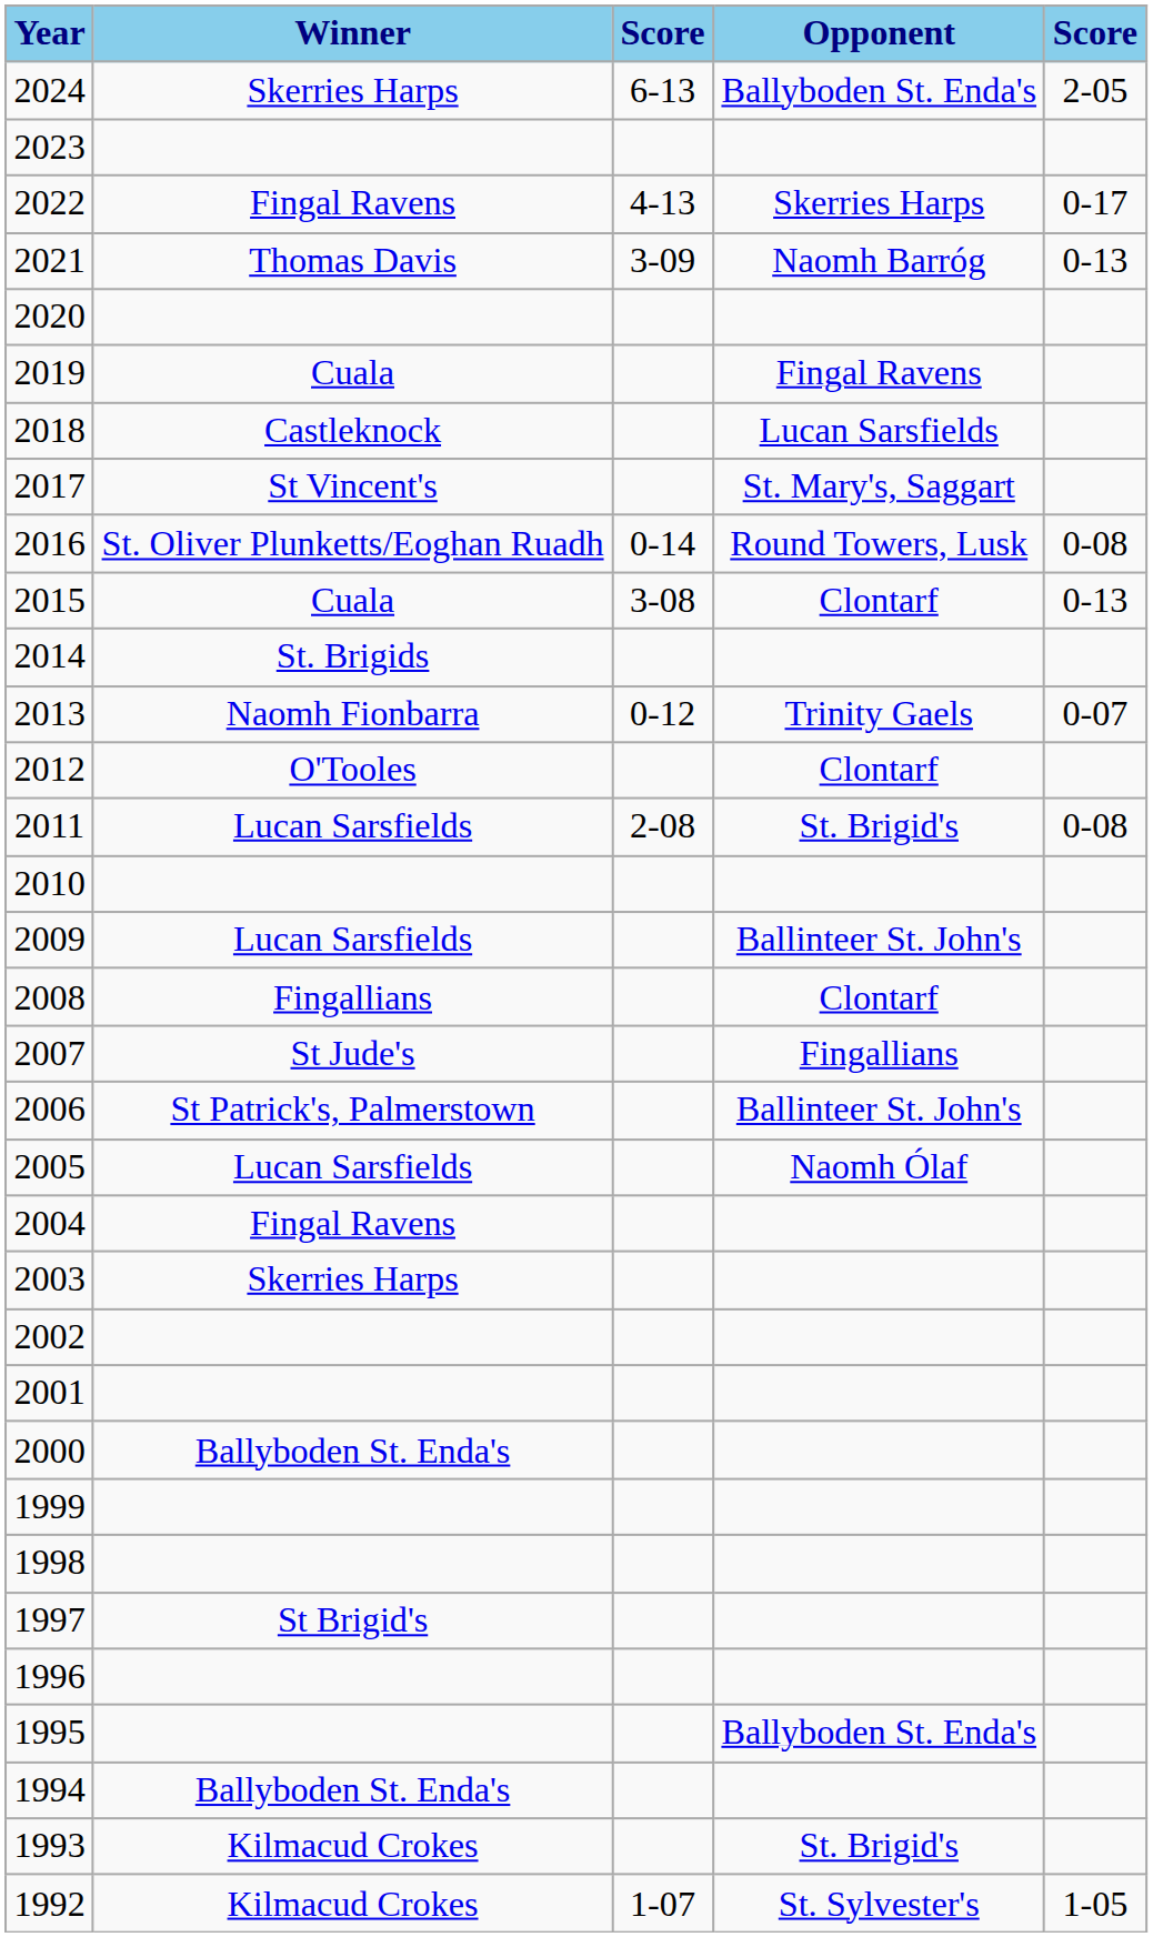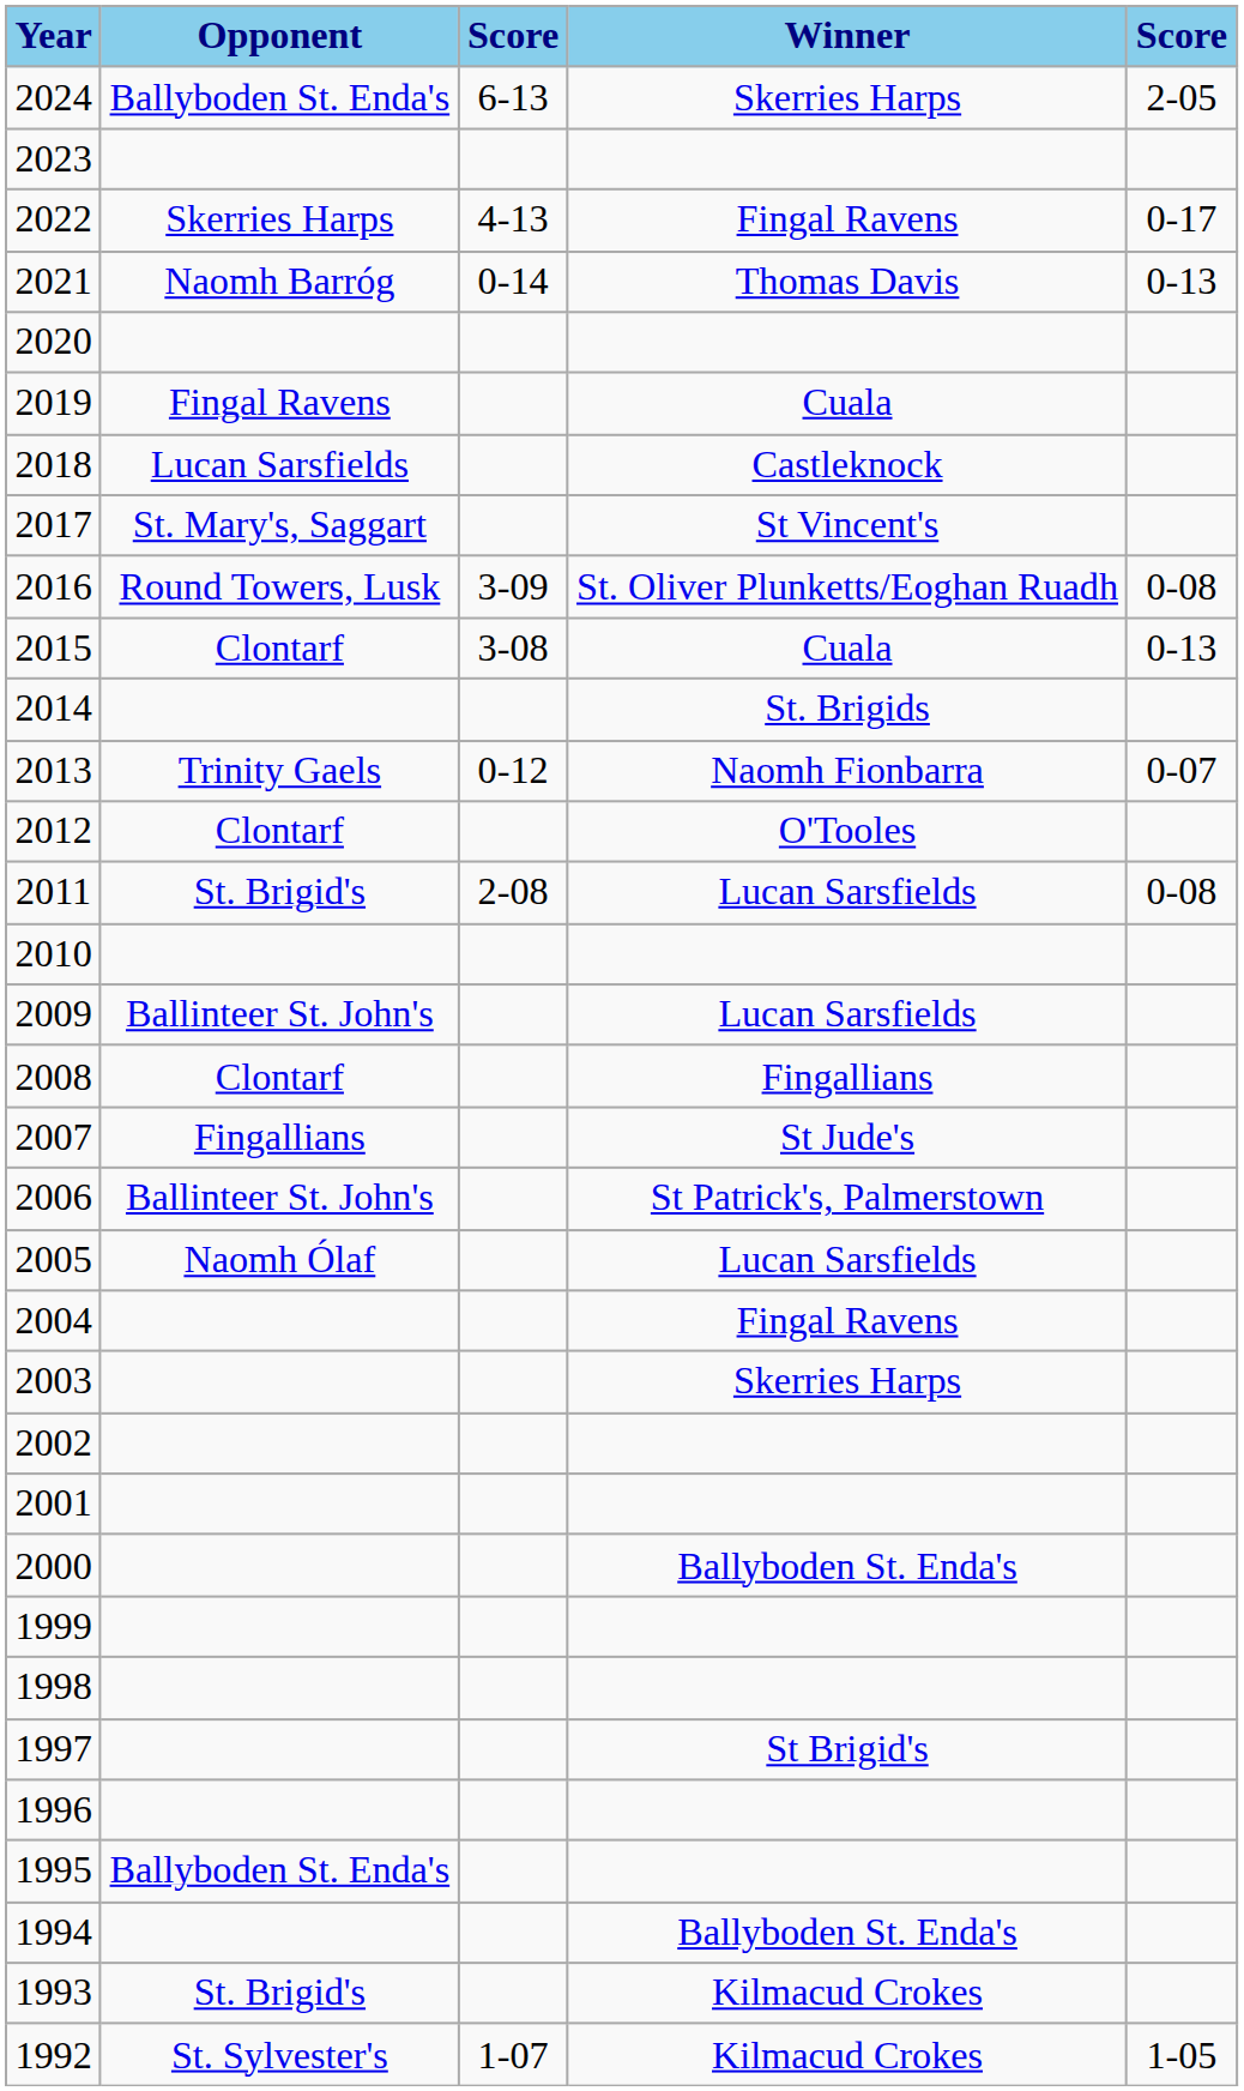 <table class="wikitable" style="text-align:center;">
 <tr>
 <th style="background:skyblue;color:navy;">Year</th>
+<th style="background:skyblue;color:navy;">Opponent</th>
+<th style="background:skyblue;color:navy;">Score</th>
 <th style="background:skyblue;color:navy;">Winner</th>
-<th style="background:skyblue;color:navy;">Score</th>
-<th style="background:skyblue;color:navy;">Opponent</th>
 <th style="background:skyblue;color:navy;">Score</th>
 </tr>
 <tr>
 <td>2024</td>
+<td><a href='#'>Ballyboden St. Enda's</a></td>
+<td>6-13</td>
 <td><a href='#'>Skerries Harps</a></td>
-<td>6-13</td>
-<td><a href='#'>Ballyboden St. Enda's</a></td>
 <td>2-05</td>
 </tr>
 <tr>
 <td>2023</td>
 <td></td>
 <td></td>
 <td></td>
 <td></td>
 </tr>
 <tr>
 <td>2022</td>
+<td><a href='#'>Skerries Harps</a></td>
+<td>4-13</td>
 <td><a href='#'>Fingal Ravens</a></td>
-<td>4-13</td>
-<td><a href='#'>Skerries Harps</a></td>
 <td>0-17</td>
 </tr>
 <tr>
 <td>2021</td>
+<td><a href='#'>Naomh Barróg</a></td>
+<td>0-14</td>
 <td><a href='#'>Thomas Davis</a></td>
-<td>3-09</td>
-<td><a href='#'>Naomh Barróg</a></td>
 <td>0-13</td>
 </tr>
 <tr>
 <td>2020</td>
 <td></td>
 <td></td>
 <td></td>
 <td></td>
 </tr>
 <tr>
 <td>2019</td>
+<td><a href='#'>Fingal Ravens</a></td>
+<td></td>
 <td><a href='#'>Cuala</a></td>
-<td></td>
-<td><a href='#'>Fingal Ravens</a></td>
 <td></td>
 </tr>
 <tr>
 <td>2018</td>
+<td><a href='#'>Lucan Sarsfields</a></td>
+<td></td>
 <td><a href='#'>Castleknock</a></td>
-<td></td>
-<td><a href='#'>Lucan Sarsfields</a></td>
 <td></td>
 </tr>
 <tr>
 <td>2017</td>
+<td><a href='#'>St. Mary's, Saggart</a></td>
+<td></td>
 <td><a href='#'>St Vincent's</a></td>
-<td></td>
-<td><a href='#'>St. Mary's, Saggart</a></td>
 <td></td>
 </tr>
 <tr>
 <td>2016</td>
+<td><a href='#'>Round Towers, Lusk</a></td>
+<td>3-09</td>
 <td><a href='#'>St. Oliver Plunketts/Eoghan Ruadh</a></td>
-<td>0-14</td>
-<td><a href='#'>Round Towers, Lusk</a></td>
 <td>0-08</td>
 </tr>
 <tr>
 <td>2015</td>
+<td><a href='#'>Clontarf</a></td>
+<td>3-08</td>
 <td><a href='#'>Cuala</a></td>
-<td>3-08</td>
-<td><a href='#'>Clontarf</a></td>
 <td>0-13</td>
 </tr>
 <tr>
 <td>2014</td>
-<td><a href='#'>St. Brigids</a></td>
 <td></td>
 <td></td>
+<td><a href='#'>St. Brigids</a></td>
 <td></td>
 </tr>
 <tr>
 <td>2013</td>
+<td><a href='#'>Trinity Gaels</a></td>
+<td>0-12</td>
 <td><a href='#'>Naomh Fionbarra</a></td>
-<td>0-12</td>
-<td><a href='#'>Trinity Gaels</a></td>
 <td>0-07</td>
 </tr>
 <tr>
 <td>2012</td>
+<td><a href='#'>Clontarf</a></td>
+<td></td>
 <td><a href='#'>O'Tooles</a></td>
-<td></td>
-<td><a href='#'>Clontarf</a></td>
 <td></td>
 </tr>
 <tr>
 <td>2011</td>
+<td><a href='#'>St. Brigid's</a></td>
+<td>2-08</td>
 <td><a href='#'>Lucan Sarsfields</a></td>
-<td>2-08</td>
-<td><a href='#'>St. Brigid's</a></td>
 <td>0-08</td>
 </tr>
 <tr>
 <td>2010</td>
 <td></td>
 <td></td>
 <td></td>
 <td></td>
 </tr>
 <tr>
 <td>2009</td>
+<td><a href='#'>Ballinteer St. John's</a></td>
+<td></td>
 <td><a href='#'>Lucan Sarsfields</a></td>
-<td></td>
-<td><a href='#'>Ballinteer St. John's</a></td>
 <td></td>
 </tr>
 <tr>
 <td>2008</td>
-<td><a href='#'>Fingallians</a></td>
-<td></td>
 <td><a href='#'>Clontarf</a></td>
-<td></td>
-</tr>
-<tr>
-<td>2007</td>
-<td><a href='#'>St Jude's</a></td>
 <td></td>
 <td><a href='#'>Fingallians</a></td>
 <td></td>
 </tr>
 <tr>
+<td>2007</td>
+<td><a href='#'>Fingallians</a></td>
+<td></td>
+<td><a href='#'>St Jude's</a></td>
+<td></td>
+</tr>
+<tr>
 <td>2006</td>
+<td><a href='#'>Ballinteer St. John's</a></td>
+<td></td>
 <td><a href='#'>St Patrick's, Palmerstown</a></td>
-<td></td>
-<td><a href='#'>Ballinteer St. John's</a></td>
 <td></td>
 </tr>
 <tr>
 <td>2005</td>
+<td><a href='#'>Naomh Ólaf</a></td>
+<td></td>
 <td><a href='#'>Lucan Sarsfields</a></td>
-<td></td>
-<td><a href='#'>Naomh Ólaf</a></td>
 <td></td>
 </tr>
 <tr>
 <td>2004</td>
-<td><a href='#'>Fingal Ravens</a></td>
 <td></td>
 <td></td>
+<td><a href='#'>Fingal Ravens</a></td>
 <td></td>
 </tr>
 <tr>
 <td>2003</td>
-<td><a href='#'>Skerries Harps</a></td>
 <td></td>
 <td></td>
+<td><a href='#'>Skerries Harps</a></td>
 <td></td>
 </tr>
 <tr>
 <td>2002</td>
 <td></td>
 <td></td>
 <td></td>
 <td></td>
 </tr>
 <tr>
 <td>2001</td>
 <td></td>
 <td></td>
 <td></td>
 <td></td>
 </tr>
 <tr>
 <td>2000</td>
-<td><a href='#'>Ballyboden St. Enda's</a></td>
 <td></td>
 <td></td>
+<td><a href='#'>Ballyboden St. Enda's</a></td>
 <td></td>
 </tr>
 <tr>
 <td>1999</td>
 <td></td>
 <td></td>
 <td></td>
 <td></td>
 </tr>
 <tr>
 <td>1998</td>
 <td></td>
 <td></td>
 <td></td>
 <td></td>
 </tr>
 <tr>
 <td>1997</td>
-<td><a href='#'>St Brigid's</a></td>
 <td></td>
 <td></td>
+<td><a href='#'>St Brigid's</a></td>
 <td></td>
 </tr>
 <tr>
 <td>1996</td>
 <td></td>
 <td></td>
 <td></td>
 <td></td>
 </tr>
 <tr>
 <td>1995</td>
+<td><a href='#'>Ballyboden St. Enda's</a></td>
+<td></td>
+<td></td>
+<td></td>
+</tr>
+<tr>
+<td>1994</td>
 <td></td>
 <td></td>
 <td><a href='#'>Ballyboden St. Enda's</a></td>
 <td></td>
 </tr>
 <tr>
-<td>1994</td>
-<td><a href='#'>Ballyboden St. Enda's</a></td>
+<td>1993</td>
+<td><a href='#'>St. Brigid's</a></td>
 <td></td>
-<td></td>
-<td></td>
-</tr>
-<tr>
-<td>1993</td>
 <td><a href='#'>Kilmacud Crokes</a></td>
-<td></td>
-<td><a href='#'>St. Brigid's</a></td>
 <td></td>
 </tr>
 <tr>
 <td>1992</td>
+<td><a href='#'>St. Sylvester's</a></td>
+<td>1-07</td>
 <td><a href='#'>Kilmacud Crokes</a></td>
-<td>1-07</td>
-<td><a href='#'>St. Sylvester's</a></td>
 <td>1-05</td>
 </tr>
 </table>
